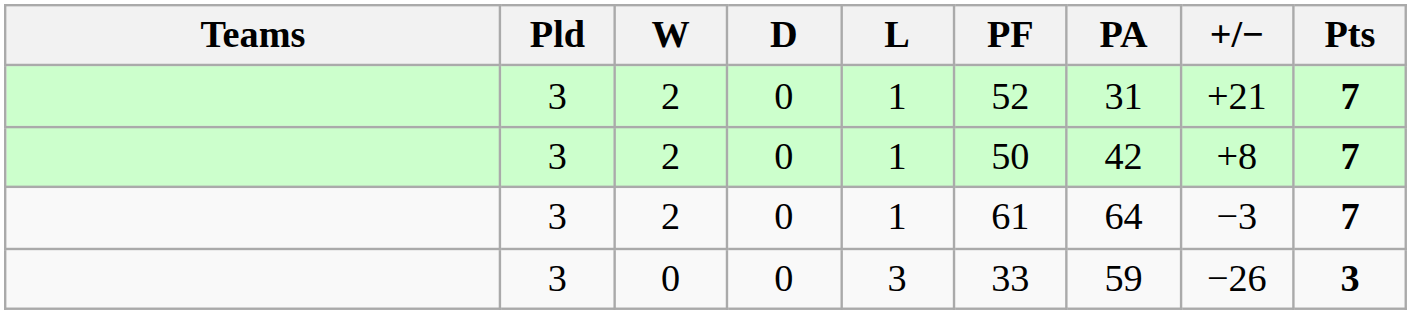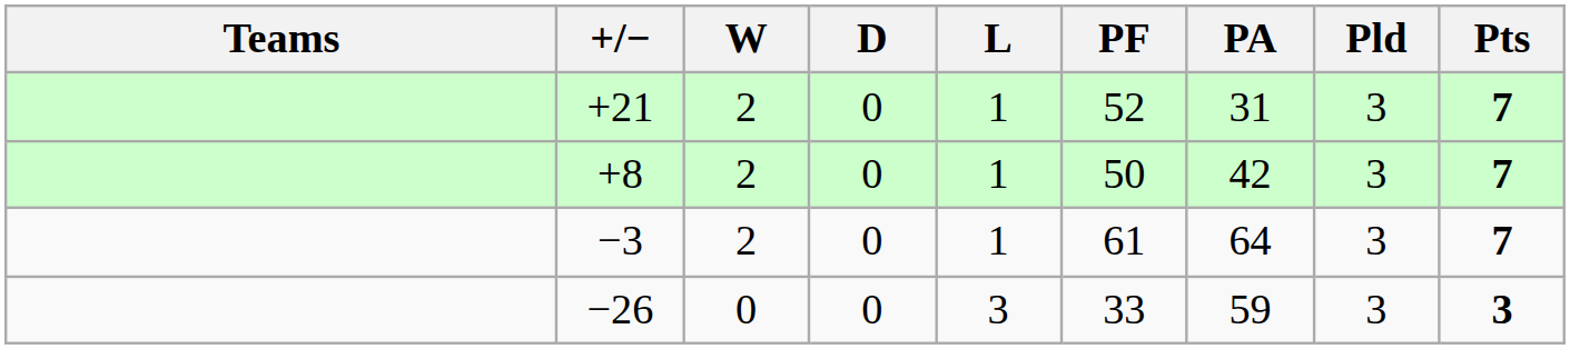 <table class="wikitable" style="text-align: center;">
 <tr>
 <th width="200">Teams</th>
-<th width="40">Pld</th>
+<th width="40">+/−</th>
 <th width="40">W</th>
 <th width="40">D</th>
 <th width="40">L</th>
 <th width="40">PF</th>
 <th width="40">PA</th>
-<th width="40">+/−</th>
+<th width="40">Pld</th>
 <th width="40">Pts</th>
 </tr>
 <tr bgcolor=ccffcc>
 <td align=left></td>
-<td>3</td>
+<td>+21</td>
 <td>2</td>
 <td>0</td>
 <td>1</td>
 <td>52</td>
 <td>31</td>
-<td>+21</td>
+<td>3</td>
 <td><strong>7</strong></td>
 </tr>
 <tr bgcolor=ccffcc>
 <td align=left></td>
-<td>3</td>
+<td>+8</td>
 <td>2</td>
 <td>0</td>
 <td>1</td>
 <td>50</td>
 <td>42</td>
-<td>+8</td>
+<td>3</td>
 <td><strong>7</strong></td>
 </tr>
 <tr>
 <td align=left></td>
-<td>3</td>
+<td>−3</td>
 <td>2</td>
 <td>0</td>
 <td>1</td>
 <td>61</td>
 <td>64</td>
-<td>−3</td>
+<td>3</td>
 <td><strong>7</strong></td>
 </tr>
 <tr>
 <td align=left></td>
-<td>3</td>
+<td>−26</td>
 <td>0</td>
 <td>0</td>
 <td>3</td>
 <td>33</td>
 <td>59</td>
-<td>−26</td>
+<td>3</td>
 <td><strong>3</strong></td>
 </tr>
 </table>
